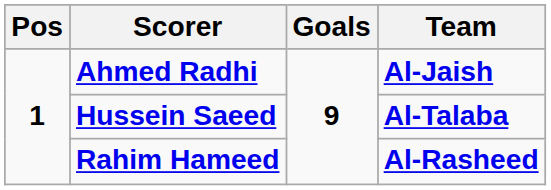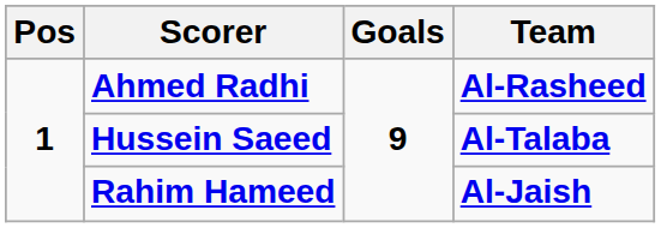 <table class="wikitable">
 <tr>
 <th>Pos</th>
 <th>Scorer</th>
 <th>Goals</th>
 <th>Team</th>
 </tr>
 <tr>
 <td rowspan=3 align=center><strong>1</strong></td>
 <td><strong><a href='#'>Ahmed Radhi</a></strong></td>
 <td rowspan=3 align=center><strong>9</strong></td>
-<td><strong><a href='#'>Al-Jaish</a></strong></td>
+<td><strong><a href='#'>Al-Rasheed</a></strong></td>
 </tr>
 <tr>
 <td><strong><a href='#'>Hussein Saeed</a></strong></td>
 <td><strong><a href='#'>Al-Talaba</a></strong></td>
 </tr>
 <tr>
 <td><strong><a href='#'>Rahim Hameed</a></strong></td>
-<td><strong><a href='#'>Al-Rasheed</a></strong></td>
+<td><strong><a href='#'>Al-Jaish</a></strong></td>
 </tr>
 </table>
